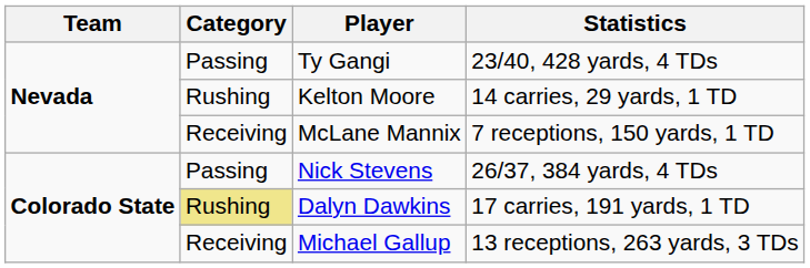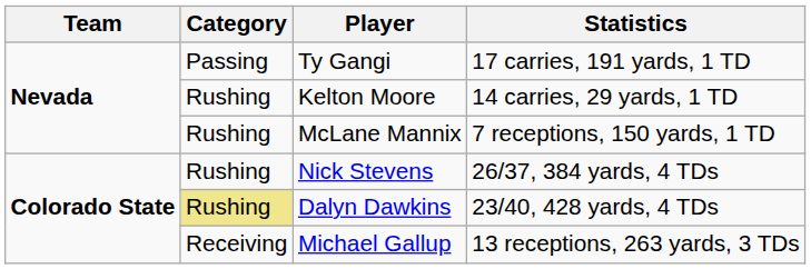 <table class="wikitable" style="float: left;">
 <tr>
 <th>Team</th>
 <th>Category</th>
 <th>Player</th>
 <th>Statistics</th>
 </tr>
 <tr>
 <td rowspan=3><strong>Nevada</strong></td>
 <td>Passing</td>
 <td>Ty Gangi</td>
-<td>23/40, 428 yards, 4 TDs</td>
+<td>17 carries, 191 yards, 1 TD</td>
 </tr>
 <tr>
 <td>Rushing</td>
 <td>Kelton Moore</td>
 <td>14 carries, 29 yards, 1 TD</td>
 </tr>
 <tr>
-<td>Receiving</td>
+<td>Rushing</td>
 <td>McLane Mannix</td>
 <td>7 receptions, 150 yards, 1 TD</td>
 </tr>
 <tr>
 <td rowspan=3><strong>Colorado State</strong></td>
-<td>Passing</td>
+<td>Rushing</td>
 <td><a href='#'>Nick Stevens</a></td>
 <td>26/37, 384 yards, 4 TDs</td>
 </tr>
 <tr>
 <td style="background: khaki;">Rushing</td>
 <td><a href='#'>Dalyn Dawkins</a></td>
-<td>17 carries, 191 yards, 1 TD</td>
+<td>23/40, 428 yards, 4 TDs</td>
 </tr>
 <tr>
 <td>Receiving</td>
 <td><a href='#'>Michael Gallup</a></td>
 <td>13 receptions, 263 yards, 3 TDs</td>
 </tr>
 </table>
